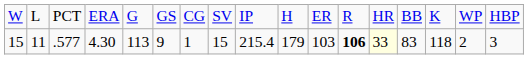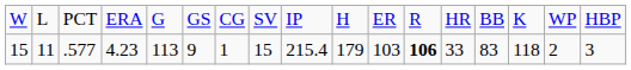 <table class="wikitable">
 <tr>
 <td><a href='#'>W</a></td>
 <td>L</td>
 <td>PCT</td>
 <td><a href='#'>ERA</a></td>
 <td><a href='#'>G</a></td>
 <td><a href='#'>GS</a></td>
 <td><a href='#'>CG</a></td>
 <td><a href='#'>SV</a></td>
 <td><a href='#'>IP</a></td>
 <td><a href='#'>H</a></td>
 <td><a href='#'>ER</a></td>
 <td><a href='#'>R</a></td>
 <td><a href='#'>HR</a></td>
 <td><a href='#'>BB</a></td>
 <td><a href='#'>K</a></td>
 <td><a href='#'>WP</a></td>
 <td><a href='#'>HBP</a></td>
 </tr>
 <tr>
 <td>15</td>
 <td>11</td>
 <td>.577</td>
-<td>4.30</td>
+<td>4.23</td>
 <td>113</td>
 <td>9</td>
 <td>1</td>
 <td>15</td>
 <td>215.4</td>
 <td>179</td>
 <td>103</td>
 <td><strong>106</strong></td>
-<td style="background: lightyellow;">33</td>
+<td>33</td>
 <td>83</td>
 <td>118</td>
 <td>2</td>
 <td>3</td>
 </tr>
 </table>
